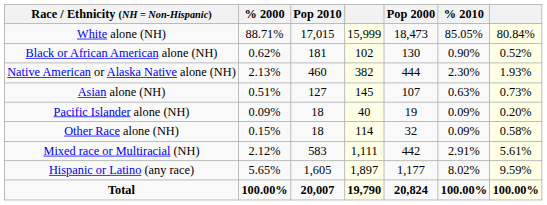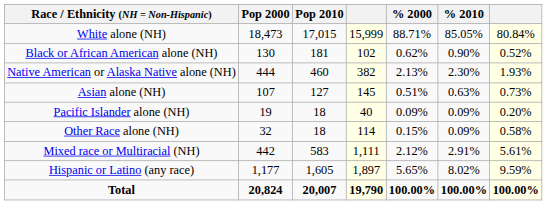 <table class="wikitable" style="text-align:center;">
 <tr>
 <th>Race / Ethnicity <small>(<em>NH = Non-Hispanic</em>)</small></th>
-<th>% 2000</th>
+<th>Pop 2000</th>
 <th>Pop 2010</th>
 <th></th>
-<th>Pop 2000</th>
+<th>% 2000</th>
 <th>% 2010</th>
 <th></th>
 </tr>
 <tr>
 <td><a href='#'>White</a> alone (NH)</td>
-<td>88.71%</td>
+<td>18,473</td>
 <td>17,015</td>
 <td style='background: #ffffe6;'>15,999</td>
-<td>18,473</td>
+<td>88.71%</td>
 <td>85.05%</td>
 <td style='background: #ffffe6;'>80.84%</td>
 </tr>
 <tr>
 <td><a href='#'>Black or African American</a> alone (NH)</td>
-<td>0.62%</td>
+<td>130</td>
 <td>181</td>
 <td style='background: #ffffe6;'>102</td>
-<td>130</td>
+<td>0.62%</td>
 <td>0.90%</td>
 <td style='background: #ffffe6;'>0.52%</td>
 </tr>
 <tr>
 <td><a href='#'>Native American</a> or <a href='#'>Alaska Native</a> alone (NH)</td>
-<td>2.13%</td>
+<td>444</td>
 <td>460</td>
 <td style='background: #ffffe6;'>382</td>
-<td>444</td>
+<td>2.13%</td>
 <td>2.30%</td>
 <td style='background: #ffffe6;'>1.93%</td>
 </tr>
 <tr>
 <td><a href='#'>Asian</a> alone (NH)</td>
-<td>0.51%</td>
+<td>107</td>
 <td>127</td>
 <td style='background: #ffffe6;'>145</td>
-<td>107</td>
+<td>0.51%</td>
 <td>0.63%</td>
 <td style='background: #ffffe6;'>0.73%</td>
 </tr>
 <tr>
 <td><a href='#'>Pacific Islander</a> alone (NH)</td>
-<td>0.09%</td>
+<td>19</td>
 <td>18</td>
 <td style='background: #ffffe6;'>40</td>
-<td>19</td>
+<td>0.09%</td>
 <td>0.09%</td>
 <td style='background: #ffffe6;'>0.20%</td>
 </tr>
 <tr>
 <td><a href='#'>Other Race</a> alone (NH)</td>
-<td>0.15%</td>
+<td>32</td>
 <td>18</td>
 <td style='background: #ffffe6;'>114</td>
-<td>32</td>
+<td>0.15%</td>
 <td>0.09%</td>
 <td style='background: #ffffe6;'>0.58%</td>
 </tr>
 <tr>
 <td><a href='#'>Mixed race or Multiracial</a> (NH)</td>
-<td>2.12%</td>
+<td>442</td>
 <td>583</td>
 <td style='background: #ffffe6;'>1,111</td>
-<td>442</td>
+<td>2.12%</td>
 <td>2.91%</td>
 <td style='background: #ffffe6;'>5.61%</td>
 </tr>
 <tr>
 <td><a href='#'>Hispanic or Latino</a> (any race)</td>
-<td>5.65%</td>
+<td>1,177</td>
 <td>1,605</td>
 <td style='background: #ffffe6;'>1,897</td>
-<td>1,177</td>
+<td>5.65%</td>
 <td>8.02%</td>
 <td style='background: #ffffe6;'>9.59%</td>
 </tr>
 <tr>
 <td><strong>Total</strong></td>
-<td><strong>100.00%</strong></td>
+<td><strong>20,824</strong></td>
 <td><strong>20,007</strong></td>
 <td style='background: #ffffe6;'><strong>19,790</strong></td>
-<td><strong>20,824</strong></td>
+<td><strong>100.00%</strong></td>
 <td><strong>100.00%</strong></td>
 <td style='background: #ffffe6;'><strong>100.00%</strong></td>
 </tr>
 </table>
